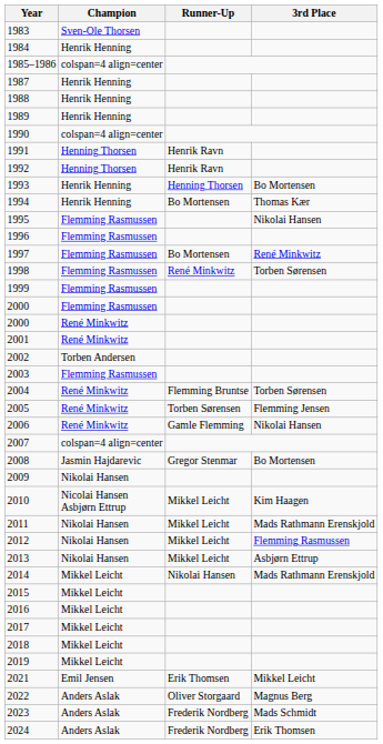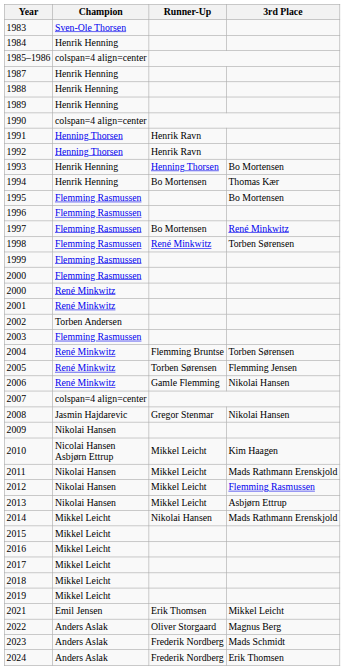 <table class="wikitable">
 <tr>
 <th>Year</th>
 <th>Champion</th>
 <th>Runner-Up</th>
 <th>3rd Place</th>
 </tr>
 <tr>
 <td>1983</td>
 <td> <a href='#'>Sven-Ole Thorsen</a></td>
 <td></td>
 <td></td>
 </tr>
 <tr>
 <td>1984</td>
 <td> Henrik Henning</td>
 <td></td>
 <td></td>
 </tr>
 <tr>
 <td>1985–1986</td>
 <td>colspan=4 align=center </td>
 </tr>
 <tr>
 <td>1987</td>
 <td> Henrik Henning</td>
 <td></td>
 <td></td>
 </tr>
 <tr>
 <td>1988</td>
 <td> Henrik Henning</td>
 <td></td>
 <td></td>
 </tr>
 <tr>
 <td>1989</td>
 <td> Henrik Henning</td>
 <td></td>
 <td></td>
 </tr>
 <tr>
 <td>1990</td>
 <td>colspan=4 align=center </td>
 </tr>
 <tr>
 <td>1991</td>
 <td> <a href='#'>Henning Thorsen</a></td>
 <td> Henrik Ravn</td>
 <td></td>
 </tr>
 <tr>
 <td>1992</td>
 <td> <a href='#'>Henning Thorsen</a></td>
 <td> Henrik Ravn</td>
 <td></td>
 </tr>
 <tr>
 <td>1993</td>
 <td> Henrik Henning</td>
 <td> <a href='#'>Henning Thorsen</a></td>
 <td> Bo Mortensen</td>
 </tr>
 <tr>
 <td>1994</td>
 <td> Henrik Henning</td>
 <td> Bo Mortensen</td>
 <td> Thomas Kær</td>
 </tr>
 <tr>
 <td>1995</td>
 <td> <a href='#'>Flemming Rasmussen</a></td>
 <td></td>
-<td> Nikolai Hansen</td>
+<td> Bo Mortensen</td>
 </tr>
 <tr>
 <td>1996</td>
 <td> <a href='#'>Flemming Rasmussen</a></td>
 <td></td>
 <td></td>
 </tr>
 <tr>
 <td>1997</td>
 <td> <a href='#'>Flemming Rasmussen</a></td>
 <td> Bo Mortensen</td>
 <td> <a href='#'>René Minkwitz</a></td>
 </tr>
 <tr>
 <td>1998</td>
 <td> <a href='#'>Flemming Rasmussen</a></td>
 <td> <a href='#'>René Minkwitz</a></td>
 <td> Torben Sørensen</td>
 </tr>
 <tr>
 <td>1999</td>
 <td> <a href='#'>Flemming Rasmussen</a></td>
 <td></td>
 <td></td>
 </tr>
 <tr>
 <td>2000</td>
 <td> <a href='#'>Flemming Rasmussen</a></td>
 <td></td>
 <td></td>
 </tr>
 <tr>
 <td>2000</td>
 <td> <a href='#'>René Minkwitz</a></td>
 <td></td>
 <td></td>
 </tr>
 <tr>
 <td>2001</td>
 <td> <a href='#'>René Minkwitz</a></td>
 <td></td>
 <td></td>
 </tr>
 <tr>
 <td>2002</td>
 <td> Torben Andersen</td>
 <td></td>
 <td></td>
 </tr>
 <tr>
 <td>2003</td>
 <td> <a href='#'>Flemming Rasmussen</a></td>
 <td></td>
 <td></td>
 </tr>
 <tr>
 <td>2004</td>
 <td> <a href='#'>René Minkwitz</a></td>
 <td> Flemming Bruntse</td>
 <td> Torben Sørensen</td>
 </tr>
 <tr>
 <td>2005</td>
 <td> <a href='#'>René Minkwitz</a></td>
 <td> Torben Sørensen</td>
 <td> Flemming Jensen</td>
 </tr>
 <tr>
 <td>2006</td>
 <td> <a href='#'>René Minkwitz</a></td>
 <td> Gamle Flemming</td>
 <td> Nikolai Hansen</td>
 </tr>
 <tr>
 <td>2007</td>
 <td>colspan=4 align=center </td>
 </tr>
 <tr>
 <td>2008</td>
 <td> Jasmin Hajdarevic</td>
 <td> Gregor Stenmar</td>
-<td> Bo Mortensen</td>
+<td> Nikolai Hansen</td>
 </tr>
 <tr>
 <td>2009</td>
 <td> Nikolai Hansen</td>
 <td></td>
 <td></td>
 </tr>
 <tr>
 <td>2010</td>
 <td> Nicolai Hansen<br> Asbjørn Ettrup</td>
 <td> Mikkel Leicht</td>
 <td> Kim Haagen</td>
 </tr>
 <tr>
 <td>2011</td>
 <td> Nikolai Hansen</td>
 <td> Mikkel Leicht</td>
 <td> Mads Rathmann Erenskjold</td>
 </tr>
 <tr>
 <td>2012</td>
 <td> Nikolai Hansen</td>
 <td> Mikkel Leicht</td>
 <td> <a href='#'>Flemming Rasmussen</a></td>
 </tr>
 <tr>
 <td>2013</td>
 <td> Nikolai Hansen</td>
 <td> Mikkel Leicht</td>
 <td> Asbjørn Ettrup</td>
 </tr>
 <tr>
 <td>2014</td>
 <td> Mikkel Leicht</td>
 <td> Nikolai Hansen</td>
 <td> Mads Rathmann Erenskjold</td>
 </tr>
 <tr>
 <td>2015</td>
 <td> Mikkel Leicht</td>
 <td></td>
 <td></td>
 </tr>
 <tr>
 <td>2016</td>
 <td> Mikkel Leicht</td>
 <td></td>
 <td></td>
 </tr>
 <tr>
 <td>2017</td>
 <td> Mikkel Leicht</td>
 <td></td>
 <td></td>
 </tr>
 <tr>
 <td>2018</td>
 <td> Mikkel Leicht</td>
 <td></td>
 <td></td>
 </tr>
 <tr>
 <td>2019</td>
 <td> Mikkel Leicht</td>
 <td></td>
 <td></td>
 </tr>
 <tr>
 <td>2021</td>
 <td> Emil Jensen</td>
 <td> Erik Thomsen</td>
 <td> Mikkel Leicht</td>
 </tr>
 <tr>
 <td>2022</td>
 <td> Anders Aslak</td>
 <td> Oliver Storgaard</td>
 <td> Magnus Berg</td>
 </tr>
 <tr>
 <td>2023</td>
 <td> Anders Aslak</td>
 <td> Frederik Nordberg</td>
 <td> Mads Schmidt</td>
 </tr>
 <tr>
 <td>2024</td>
 <td> Anders Aslak</td>
 <td> Frederik Nordberg</td>
 <td> Erik Thomsen</td>
 </tr>
 </table>
